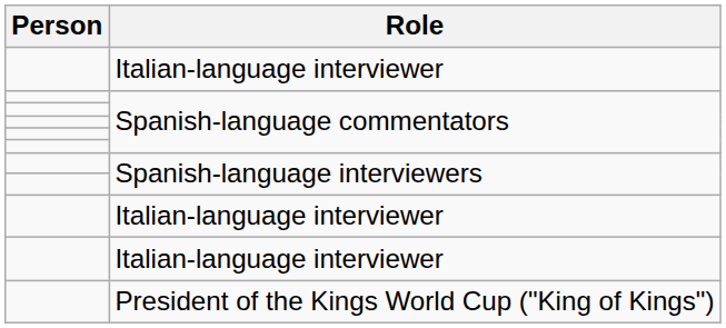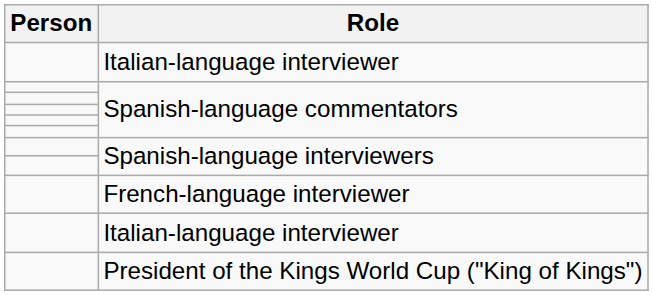 <table class="wikitable sortable" style="text-align: left;">
 <tr>
 <th>Person</th>
 <th>Role</th>
 </tr>
 <tr>
 <td></td>
 <td>Italian-language interviewer</td>
 </tr>
 <tr>
 <td></td>
 <td rowspan=5>Spanish-language commentators</td>
 </tr>
 <tr>
 <td></td>
 </tr>
 <tr>
 <td></td>
 </tr>
 <tr>
 <td></td>
 </tr>
 <tr>
 <td></td>
 </tr>
 <tr>
 <td></td>
 <td rowspan=2>Spanish-language interviewers</td>
 </tr>
 <tr>
 <td></td>
 </tr>
 <tr>
 <td></td>
-<td>Italian-language interviewer</td>
+<td>French-language interviewer</td>
 </tr>
 <tr>
 <td></td>
 <td>Italian-language interviewer</td>
 </tr>
 <tr>
 <td></td>
 <td>President of the Kings World Cup ("King of Kings")</td>
 </tr>
 </table>
